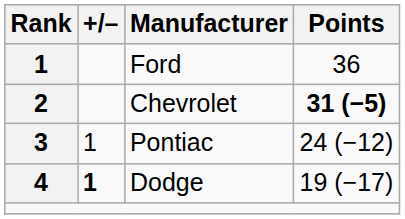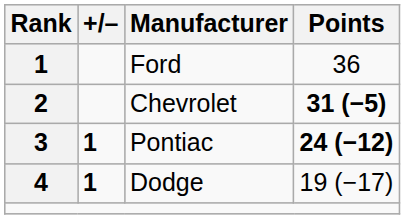 <table class="wikitable sortable">
 <tr>
 <th scope="col">Rank</th>
 <th scope="col">+/–</th>
 <th scope="col">Manufacturer</th>
 <th scope="col">Points</th>
 </tr>
 <tr>
 <th scope="row">1</th>
 <td align="left"></td>
 <td>Ford</td>
 <td style="text-align:center;">36</td>
 </tr>
 <tr>
 <th scope="row">2</th>
 <td align="left"></td>
 <td>Chevrolet</td>
 <td style="text-align:center;"><strong>31 (−5)</strong></td>
 </tr>
 <tr>
 <th scope="row">3</th>
-<td align="left"> 1</td>
+<td align="left"><strong> 1</strong></td>
 <td>Pontiac</td>
-<td style="text-align:center;">24 (−12)</td>
+<td style="text-align:center;"><strong>24 (−12)</strong></td>
 </tr>
 <tr>
 <th scope="row">4</th>
 <td align="left"><strong> 1</strong></td>
 <td>Dodge</td>
 <td style="text-align:center;">19 (−17)</td>
 </tr>
 <tr class="sortbottom">
 <td colspan="9"></td>
 </tr>
 </table>
